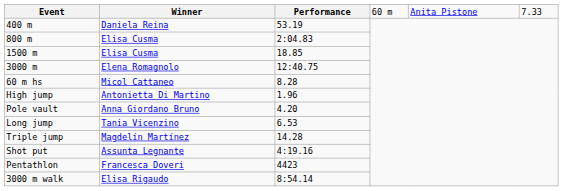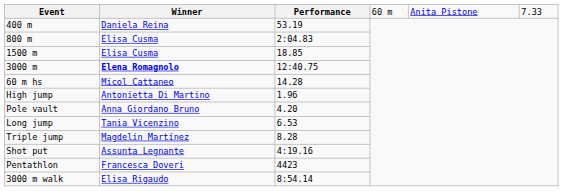 <table class="wikitable" width=95% style="font-size:100%; text-align:left;">
 <tr>
 <th>Event</th>
 <th>Winner</th>
 <th>Performance</th>
 <td>60 m</td>
 <td><a href='#'>Anita Pistone</a></td>
 <td>7.33</td>
 </tr>
 <tr>
 <td>400 m</td>
 <td><a href='#'>Daniela Reina </a></td>
 <td>53.19</td>
 </tr>
 <tr>
 <td>800 m</td>
 <td><a href='#'>Elisa Cusma </a></td>
 <td>2:04.83</td>
 </tr>
 <tr>
 <td>1500 m</td>
 <td><a href='#'>Elisa Cusma </a></td>
 <td>18.85</td>
 </tr>
 <tr>
 <td>3000 m</td>
-<td><a href='#'>Elena Romagnolo</a></td>
+<td><strong><a href='#'>Elena Romagnolo</a></strong></td>
 <td>12:40.75</td>
 </tr>
 <tr>
 <td>60 m hs</td>
 <td><a href='#'>Micol Cattaneo </a></td>
-<td>8.28</td>
+<td>14.28</td>
 </tr>
 <tr>
 <td>High jump</td>
 <td><a href='#'>Antonietta Di Martino </a></td>
 <td>1.96</td>
 </tr>
 <tr>
 <td>Pole vault</td>
 <td><a href='#'>Anna Giordano Bruno </a></td>
 <td>4.20</td>
 </tr>
 <tr>
 <td>Long jump</td>
 <td><a href='#'>Tania Vicenzino</a></td>
 <td>6.53</td>
 </tr>
 <tr>
 <td>Triple jump</td>
 <td><a href='#'>Magdelín Martínez </a></td>
-<td>14.28</td>
+<td>8.28</td>
 </tr>
 <tr>
 <td>Shot put</td>
 <td><a href='#'>Assunta Legnante </a></td>
 <td>4:19.16</td>
 </tr>
 <tr>
 <td>Pentathlon</td>
 <td><a href='#'>Francesca Doveri </a></td>
 <td>4423</td>
 </tr>
 <tr>
 <td>3000 m walk</td>
 <td><a href='#'>Elisa Rigaudo </a></td>
 <td>8:54.14</td>
 </tr>
 </table>
